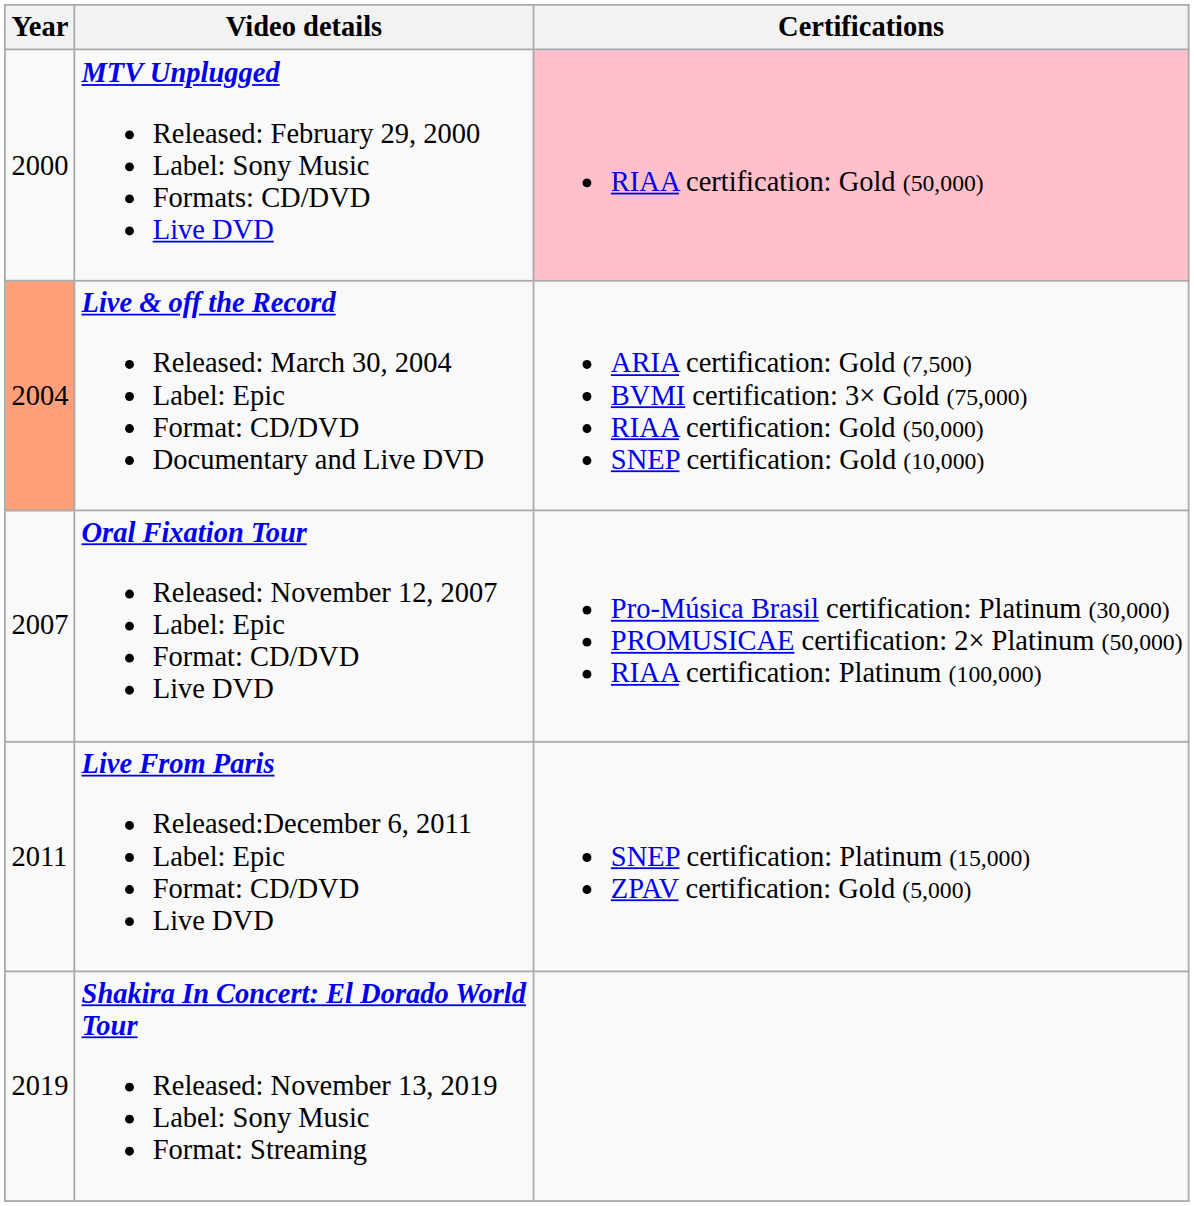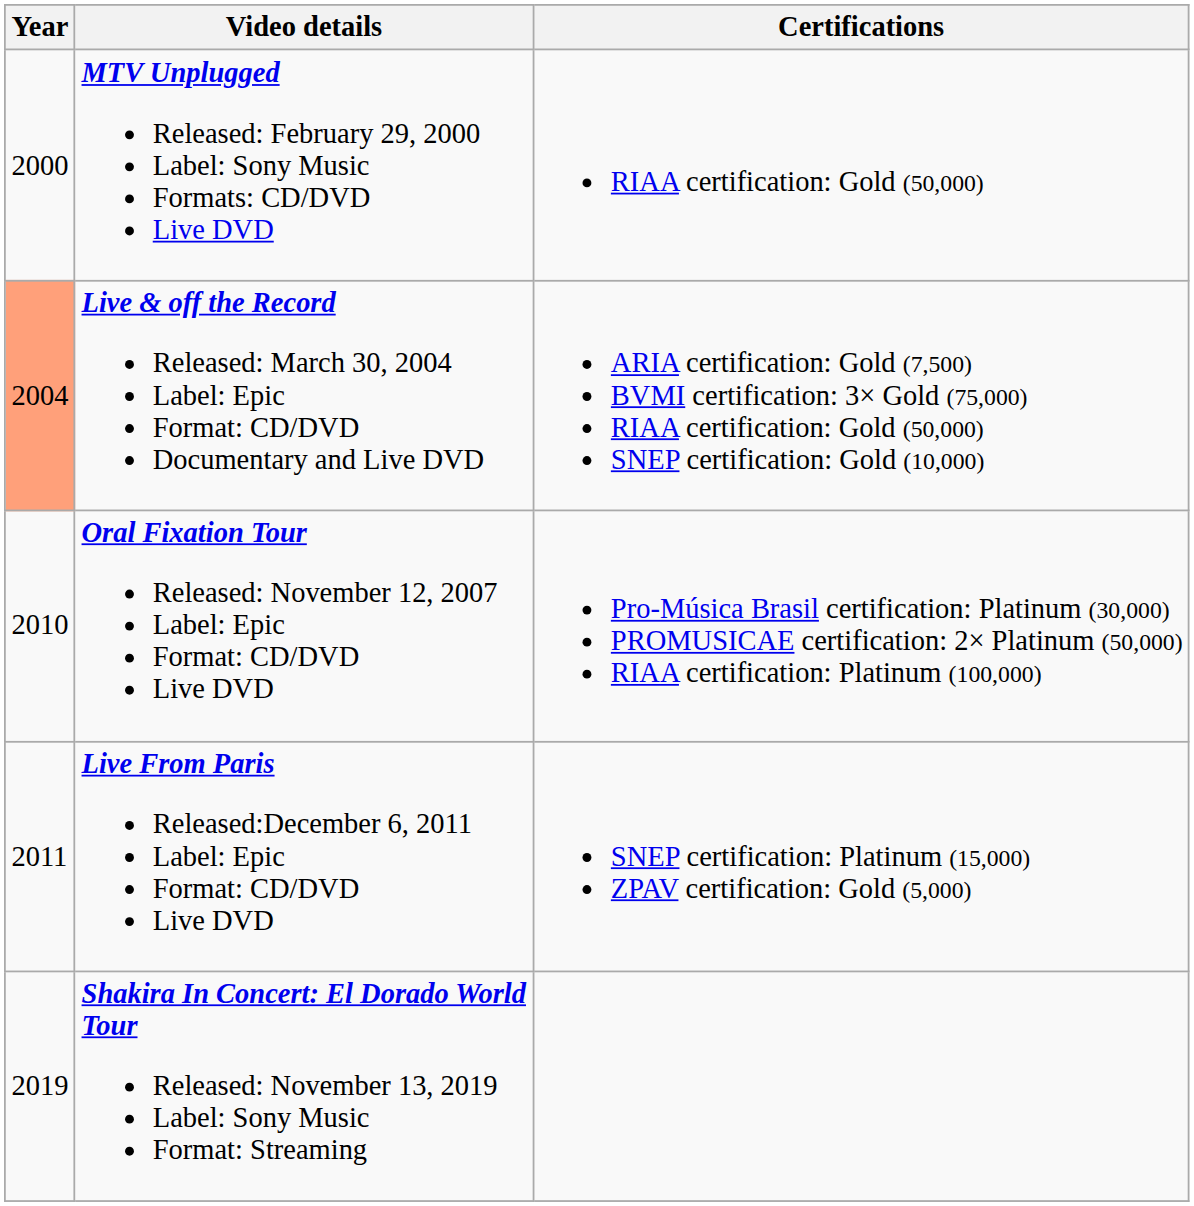 <table class="wikitable">
 <tr>
 <th>Year</th>
 <th style="width:250px;">Video details</th>
 <th>Certifications</th>
 </tr>
 <tr>
 <td>2000</td>
 <td><strong><em><a href='#'>MTV Unplugged</a></em></strong><br><ul><li>Released: February 29, 2000</li><li>Label: Sony Music</li><li>Formats: CD/DVD</li><li><a href='#'>Live DVD</a></li></ul></td>
-<td style="background: pink;"><br><ul><li><a href='#'>RIAA</a> certification: Gold <small>(50,000)</small></li></ul></td>
+<td><br><ul><li><a href='#'>RIAA</a> certification: Gold <small>(50,000)</small></li></ul></td>
 </tr>
 <tr>
 <td style="background: lightsalmon;">2004</td>
 <td><strong><em><a href='#'>Live & off the Record</a></em></strong><br><ul><li>Released: March 30, 2004</li><li>Label: Epic</li><li>Format: CD/DVD</li><li>Documentary and Live DVD</li></ul></td>
 <td><br><ul><li><a href='#'>ARIA</a> certification: Gold <small>(7,500)</small></li><li><a href='#'>BVMI</a> certification: 3× Gold <small>(75,000)</small></li><li><a href='#'>RIAA</a> certification: Gold <small>(50,000)</small></li><li><a href='#'>SNEP</a> certification: Gold <small>(10,000)</small></li></ul></td>
 </tr>
 <tr>
-<td>2007</td>
+<td>2010</td>
 <td><strong><em><a href='#'>Oral Fixation Tour</a></em></strong><br><ul><li>Released: November 12, 2007</li><li>Label: Epic</li><li>Format: CD/DVD</li><li>Live DVD</li></ul></td>
 <td><br><ul><li><a href='#'>Pro-Música Brasil</a> certification: Platinum <small>(30,000)</small></li><li><a href='#'>PROMUSICAE</a> certification: 2× Platinum <small>(50,000)</small></li><li><a href='#'>RIAA</a> certification: Platinum <small>(100,000)</small></li></ul></td>
 </tr>
 <tr>
 <td>2011</td>
 <td><strong><em><a href='#'>Live From Paris</a></em></strong><br><ul><li>Released:December 6, 2011</li><li>Label: Epic</li><li>Format: CD/DVD</li><li>Live DVD</li></ul></td>
 <td><br><ul><li><a href='#'>SNEP</a> certification: Platinum <small>(15,000)</small></li><li><a href='#'>ZPAV</a> certification: Gold <small>(5,000)</small></li></ul></td>
 </tr>
 <tr>
 <td>2019</td>
 <td><strong><em><a href='#'>Shakira In Concert: El Dorado World Tour</a></em></strong><br><ul><li>Released: November 13, 2019</li><li>Label: Sony Music</li><li>Format: Streaming</li></ul></td>
 <td></td>
 </tr>
 </table>
